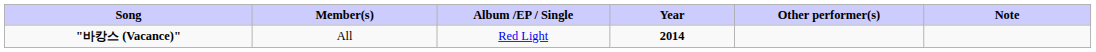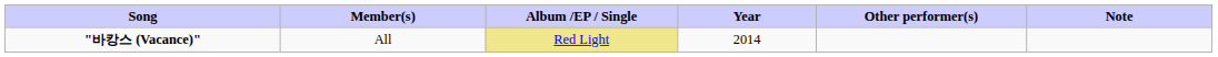 <table class="wikitable" style="margin:0.5em auto; clear:both; font-size:.9em; text-align:center; width:100%">
 <tr>
 <th width="500" style="background: #CCCCFF;">Song</th>
 <th width="350" style="background: #CCCCFF;">Member(s)</th>
 <th width="350" style="background: #CCCCFF;">Album /EP / Single</th>
 <th width="250" style="background: #CCCCFF;">Year</th>
 <th width="350" style="background: #CCCCFF;">Other performer(s)</th>
 <th width="350" style="background: #CCCCFF;">Note</th>
 </tr>
 <tr>
 <td><strong>"바캉스 (Vacance)"</strong></td>
 <td>All</td>
-<td><a href='#'>Red Light</a></td>
-<td><strong>2014</strong></td>
+<td style="background: khaki;"><a href='#'>Red Light</a></td>
+<td>2014</td>
 <td></td>
 <td></td>
 </tr>
 </table>
